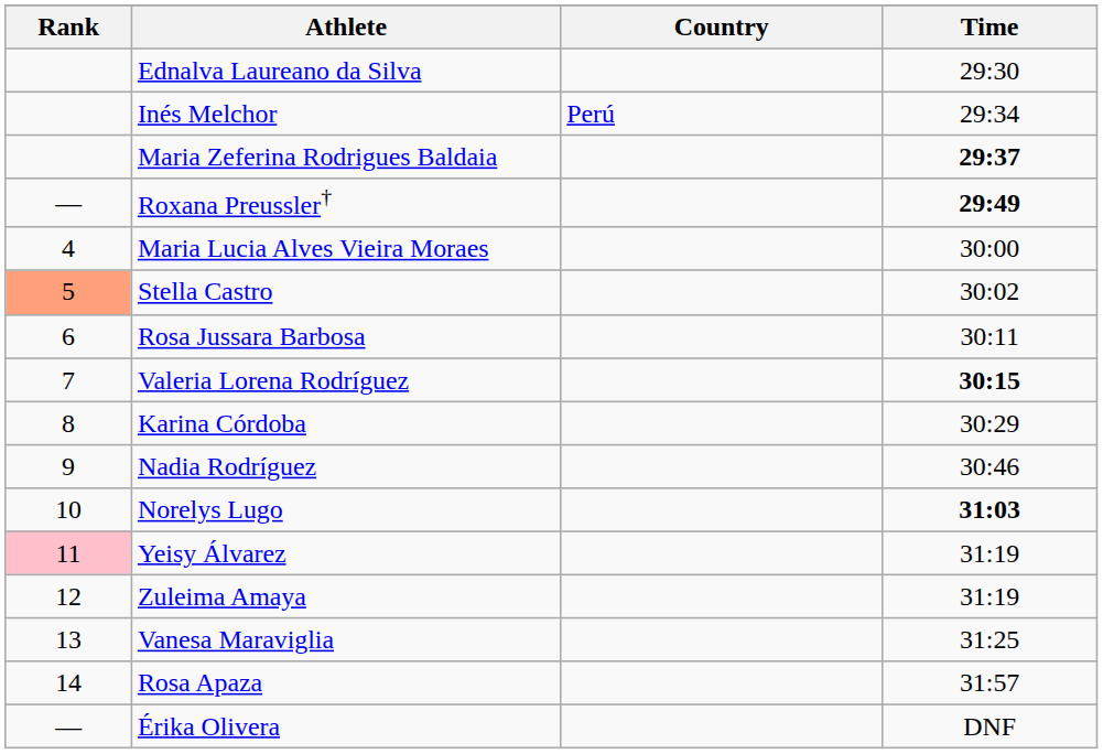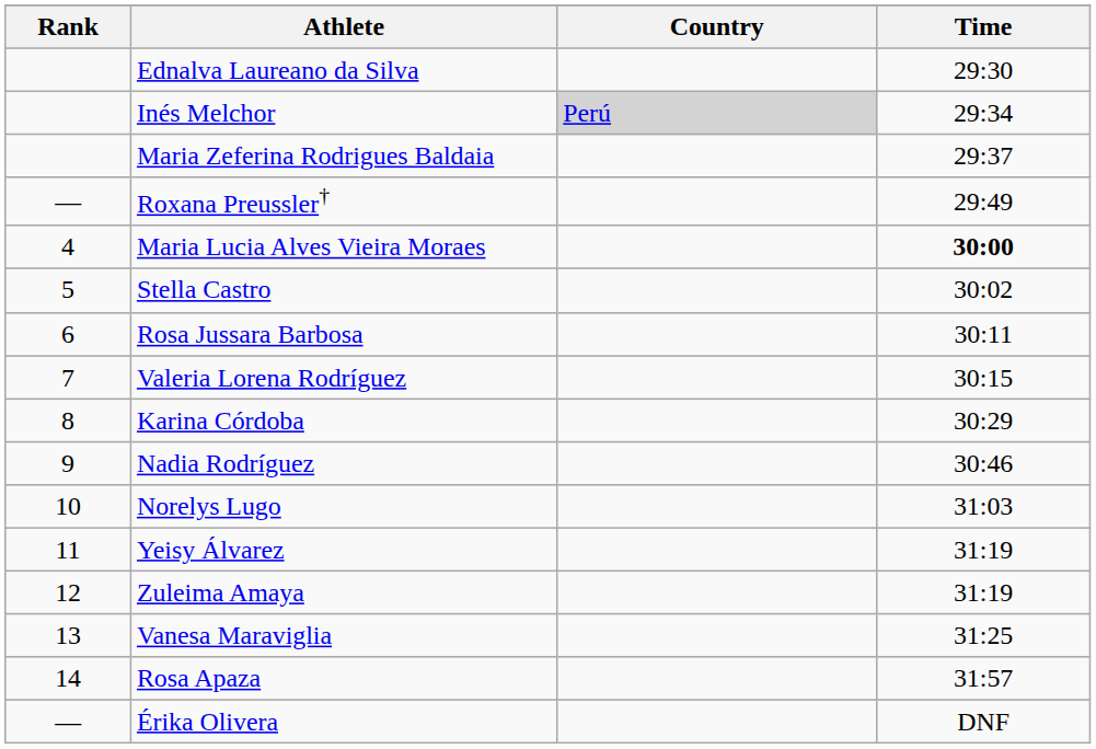 <table class="wikitable sortable" style=" text-align:center; font-size:95%;" width="50%">
 <tr>
 </tr>
 <tr>
 <th width=5%>Rank</th>
 <th width=20%>Athlete</th>
 <th width=15%>Country</th>
 <th width=10%>Time</th>
 </tr>
 <tr>
 <td align=center></td>
 <td align=left><a href='#'>Ednalva Laureano da Silva</a></td>
 <td align=left></td>
 <td>29:30</td>
 </tr>
 <tr>
 <td align=center></td>
 <td align=left><a href='#'>Inés Melchor</a></td>
-<td align=left> <a href='#'>Perú</a></td>
+<td align=left style="background: lightgrey;"> <a href='#'>Perú</a></td>
 <td>29:34</td>
 </tr>
 <tr>
 <td align=center></td>
 <td align=left><a href='#'>Maria Zeferina Rodrigues Baldaia</a></td>
 <td align=left></td>
-<td><strong>29:37</strong></td>
+<td>29:37</td>
 </tr>
 <tr>
 <td align=center>—</td>
 <td align=left><a href='#'>Roxana Preussler</a><sup>†</sup></td>
 <td align=left></td>
-<td><strong>29:49</strong></td>
+<td>29:49</td>
 </tr>
 <tr>
 <td align=center>4</td>
 <td align=left><a href='#'>Maria Lucia Alves Vieira Moraes</a></td>
 <td align=left></td>
-<td>30:00</td>
+<td><strong>30:00</strong></td>
 </tr>
 <tr>
-<td align=center style="background: lightsalmon;">5</td>
+<td align=center>5</td>
 <td align=left><a href='#'>Stella Castro</a></td>
 <td align=left></td>
 <td>30:02</td>
 </tr>
 <tr>
 <td align=center>6</td>
 <td align=left><a href='#'>Rosa Jussara Barbosa</a></td>
 <td align=left></td>
 <td>30:11</td>
 </tr>
 <tr>
 <td align=center>7</td>
 <td align=left><a href='#'>Valeria Lorena Rodríguez</a></td>
 <td align=left></td>
-<td><strong>30:15</strong></td>
+<td>30:15</td>
 </tr>
 <tr>
 <td align=center>8</td>
 <td align=left><a href='#'>Karina Córdoba</a></td>
 <td align=left></td>
 <td>30:29</td>
 </tr>
 <tr>
 <td align=center>9</td>
 <td align=left><a href='#'>Nadia Rodríguez</a></td>
 <td align=left></td>
 <td>30:46</td>
 </tr>
 <tr>
 <td align=center>10</td>
 <td align=left><a href='#'>Norelys Lugo</a></td>
 <td align=left></td>
-<td><strong>31:03</strong></td>
+<td>31:03</td>
 </tr>
 <tr>
-<td align=center style="background: pink;">11</td>
+<td align=center>11</td>
 <td align=left><a href='#'>Yeisy Álvarez</a></td>
 <td align=left></td>
 <td>31:19</td>
 </tr>
 <tr>
 <td align=center>12</td>
 <td align=left><a href='#'>Zuleima Amaya</a></td>
 <td align=left></td>
 <td>31:19</td>
 </tr>
 <tr>
 <td align=center>13</td>
 <td align=left><a href='#'>Vanesa Maraviglia</a></td>
 <td align=left></td>
 <td>31:25</td>
 </tr>
 <tr>
 <td align=center>14</td>
 <td align=left><a href='#'>Rosa Apaza</a></td>
 <td align=left></td>
 <td>31:57</td>
 </tr>
 <tr>
 <td align=center>—</td>
 <td align=left><a href='#'>Érika Olivera</a></td>
 <td align=left></td>
 <td>DNF</td>
 </tr>
 </table>
